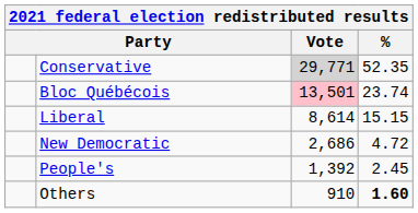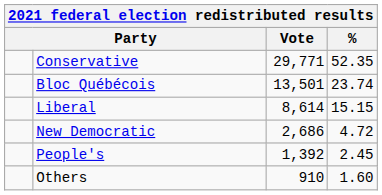 <table class="wikitable">
 <tr>
 <th colspan="4"><a href='#'>2021 federal election</a> redistributed results</th>
 </tr>
 <tr>
 <th bgcolor="#DDDDFF" width="130px" colspan="2">Party</th>
 <th bgcolor="#DDDDFF" width="50px">Vote</th>
 <th bgcolor="#DDDDFF" width="30px">%</th>
 </tr>
 <tr>
 <td> </td>
 <td><a href='#'>Conservative</a></td>
-<td align=right style="background: lightgrey;">29,771</td>
+<td align=right>29,771</td>
 <td align=right>52.35</td>
 </tr>
 <tr>
 <td> </td>
 <td><a href='#'>Bloc Québécois</a></td>
-<td align=right style="background: pink;">13,501</td>
+<td align=right>13,501</td>
 <td align=right>23.74</td>
 </tr>
 <tr>
 <td> </td>
 <td><a href='#'>Liberal</a></td>
 <td align=right>8,614</td>
 <td align=right>15.15</td>
 </tr>
 <tr>
 <td> </td>
 <td><a href='#'>New Democratic</a></td>
 <td align=right>2,686</td>
 <td align=right>4.72</td>
 </tr>
 <tr>
 <td> </td>
 <td><a href='#'>People's</a></td>
 <td align=right>1,392</td>
 <td align=right>2.45</td>
 </tr>
 <tr>
 <td> </td>
 <td>Others</td>
 <td align=right>910</td>
-<td align=right><strong>1.60</strong></td>
+<td align=right>1.60</td>
 </tr>
 </table>
